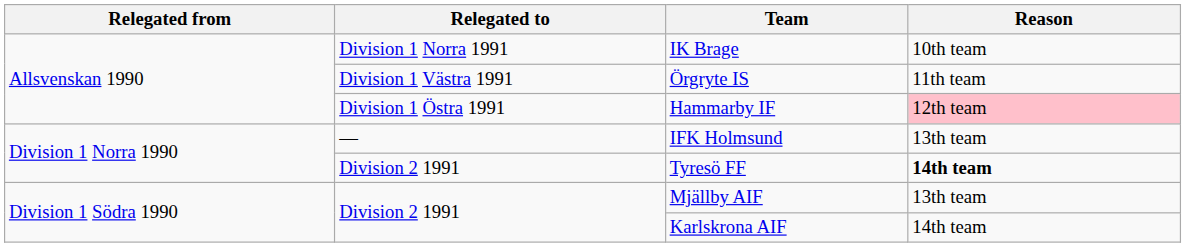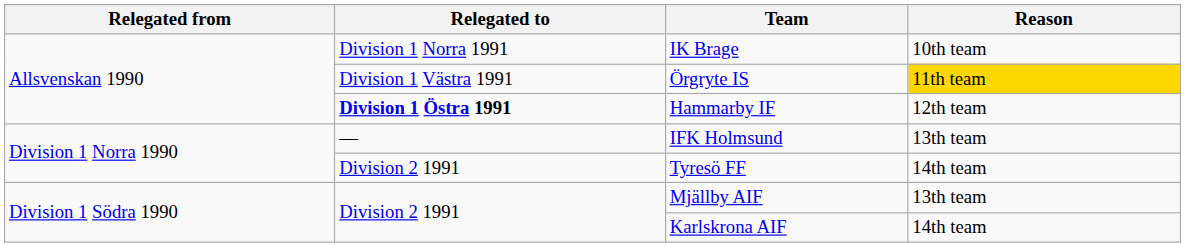 <table class="wikitable" style="text-align: left">
 <tr>
 <th style="width: 275px;">Relegated from</th>
 <th style="width: 275px;">Relegated to</th>
 <th style="width: 200px;">Team</th>
 <th style="width: 225px;">Reason</th>
 </tr>
 <tr>
 <td rowspan=3><a href='#'>Allsvenskan</a> 1990</td>
 <td><a href='#'>Division 1</a> <a href='#'>Norra</a> 1991</td>
 <td><a href='#'>IK Brage</a></td>
 <td>10th team</td>
 </tr>
 <tr>
 <td><a href='#'>Division 1</a> <a href='#'>Västra</a> 1991</td>
 <td><a href='#'>Örgryte IS</a></td>
-<td>11th team</td>
+<td style="background: gold;">11th team</td>
 </tr>
 <tr>
-<td><a href='#'>Division 1</a> <a href='#'>Östra</a> 1991</td>
+<td><strong><a href='#'>Division 1</a> <a href='#'>Östra</a> 1991</strong></td>
 <td><a href='#'>Hammarby IF</a></td>
-<td style="background: pink;">12th team</td>
+<td>12th team</td>
 </tr>
 <tr>
 <td rowspan=2><a href='#'>Division 1</a> <a href='#'>Norra</a> 1990</td>
 <td>—</td>
 <td><a href='#'>IFK Holmsund</a></td>
 <td>13th team</td>
 </tr>
 <tr>
 <td><a href='#'>Division 2</a> 1991</td>
 <td><a href='#'>Tyresö FF</a></td>
-<td><strong>14th team</strong></td>
+<td>14th team</td>
 </tr>
 <tr>
 <td rowspan=2><a href='#'>Division 1</a> <a href='#'>Södra</a> 1990</td>
 <td rowspan=2><a href='#'>Division 2</a> 1991</td>
 <td><a href='#'>Mjällby AIF</a></td>
 <td>13th team</td>
 </tr>
 <tr>
 <td><a href='#'>Karlskrona AIF</a></td>
 <td>14th team</td>
 </tr>
 </table>
